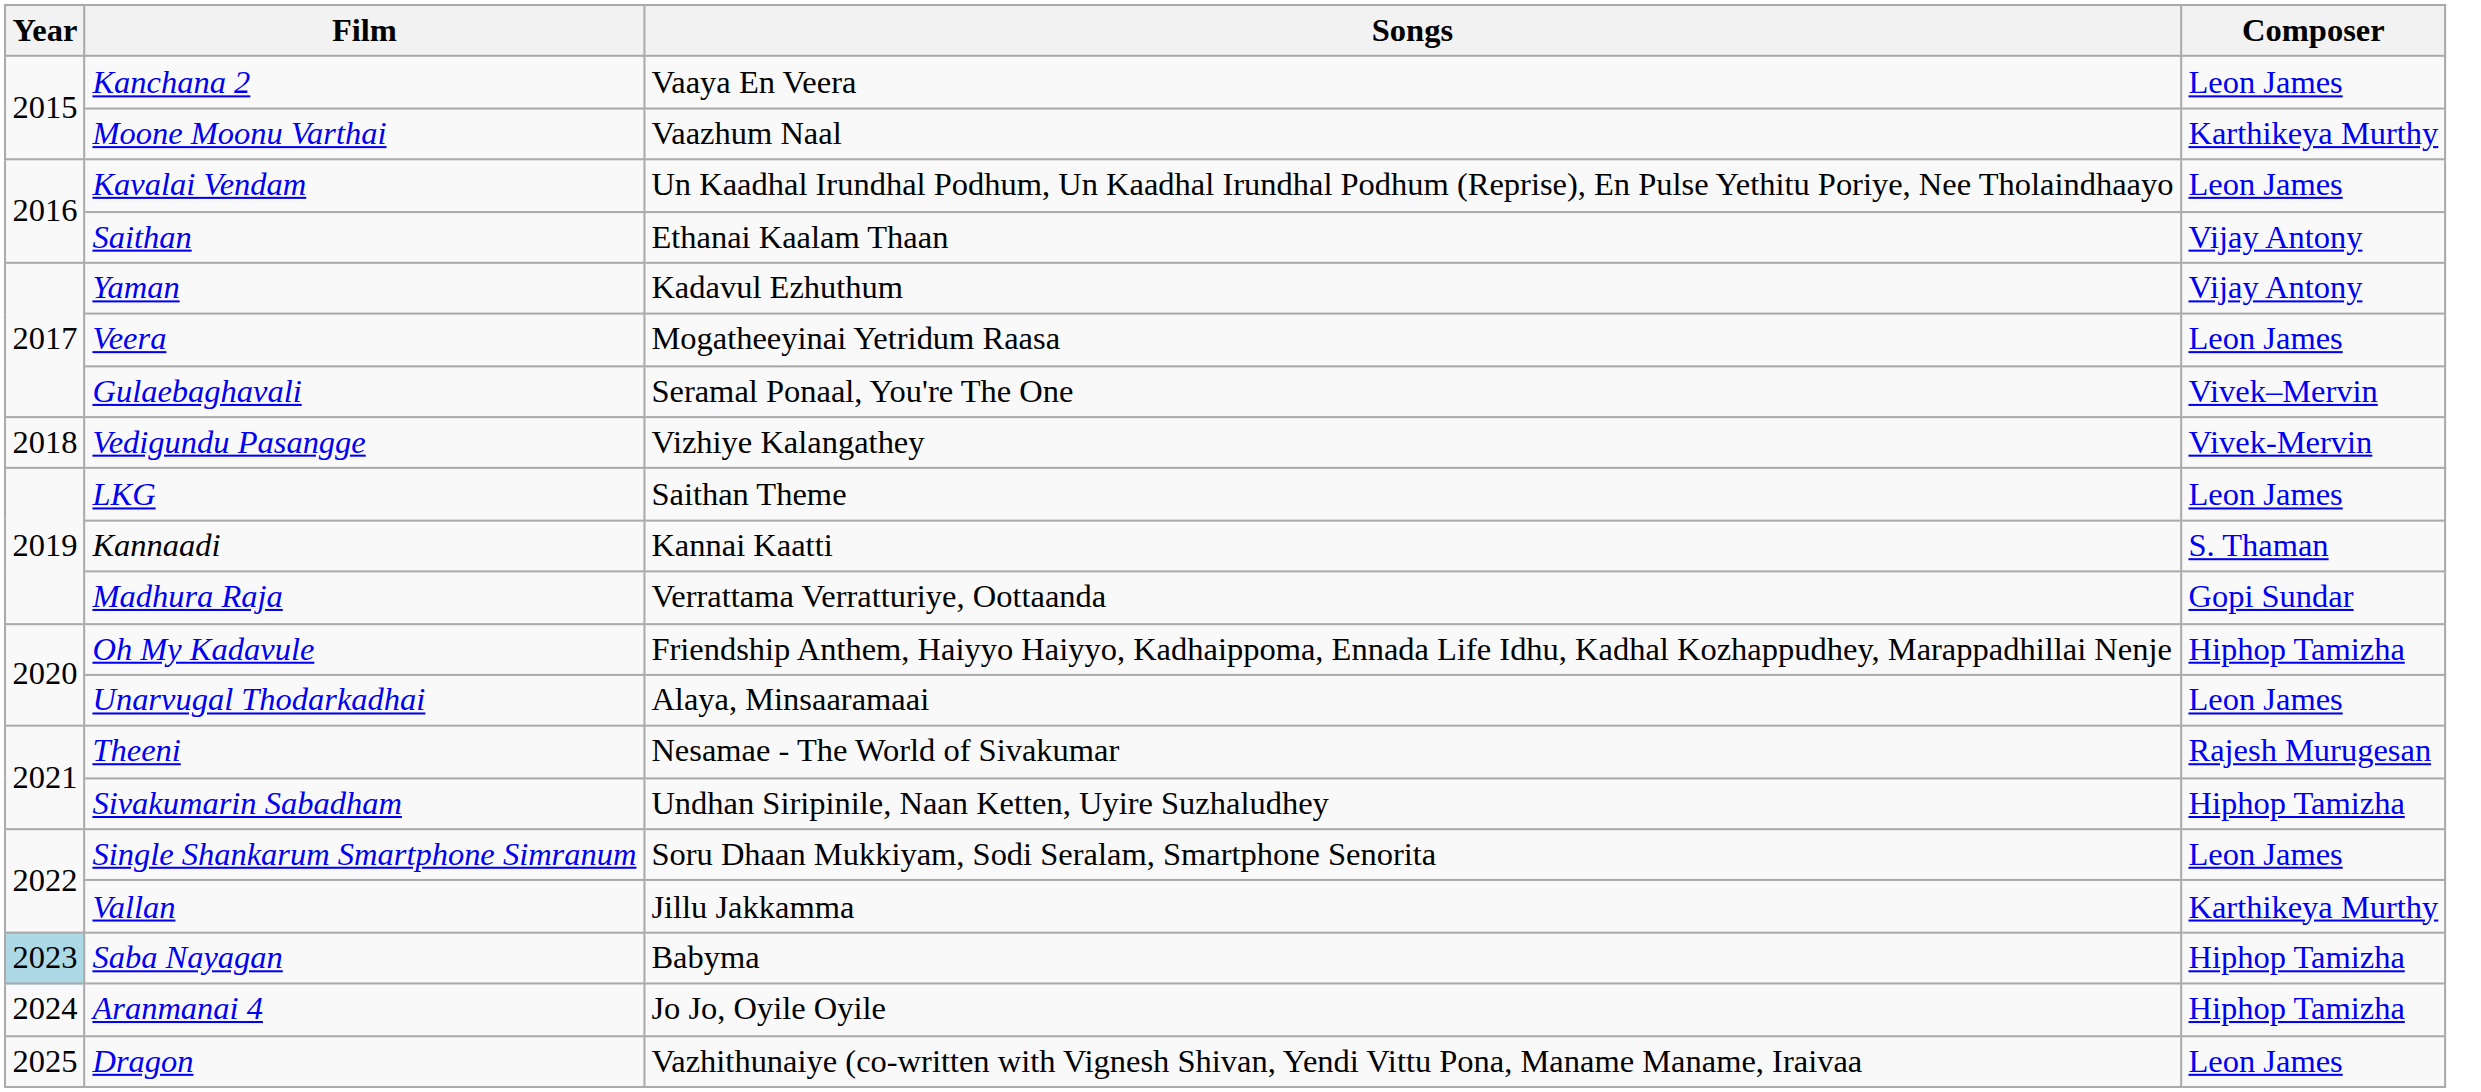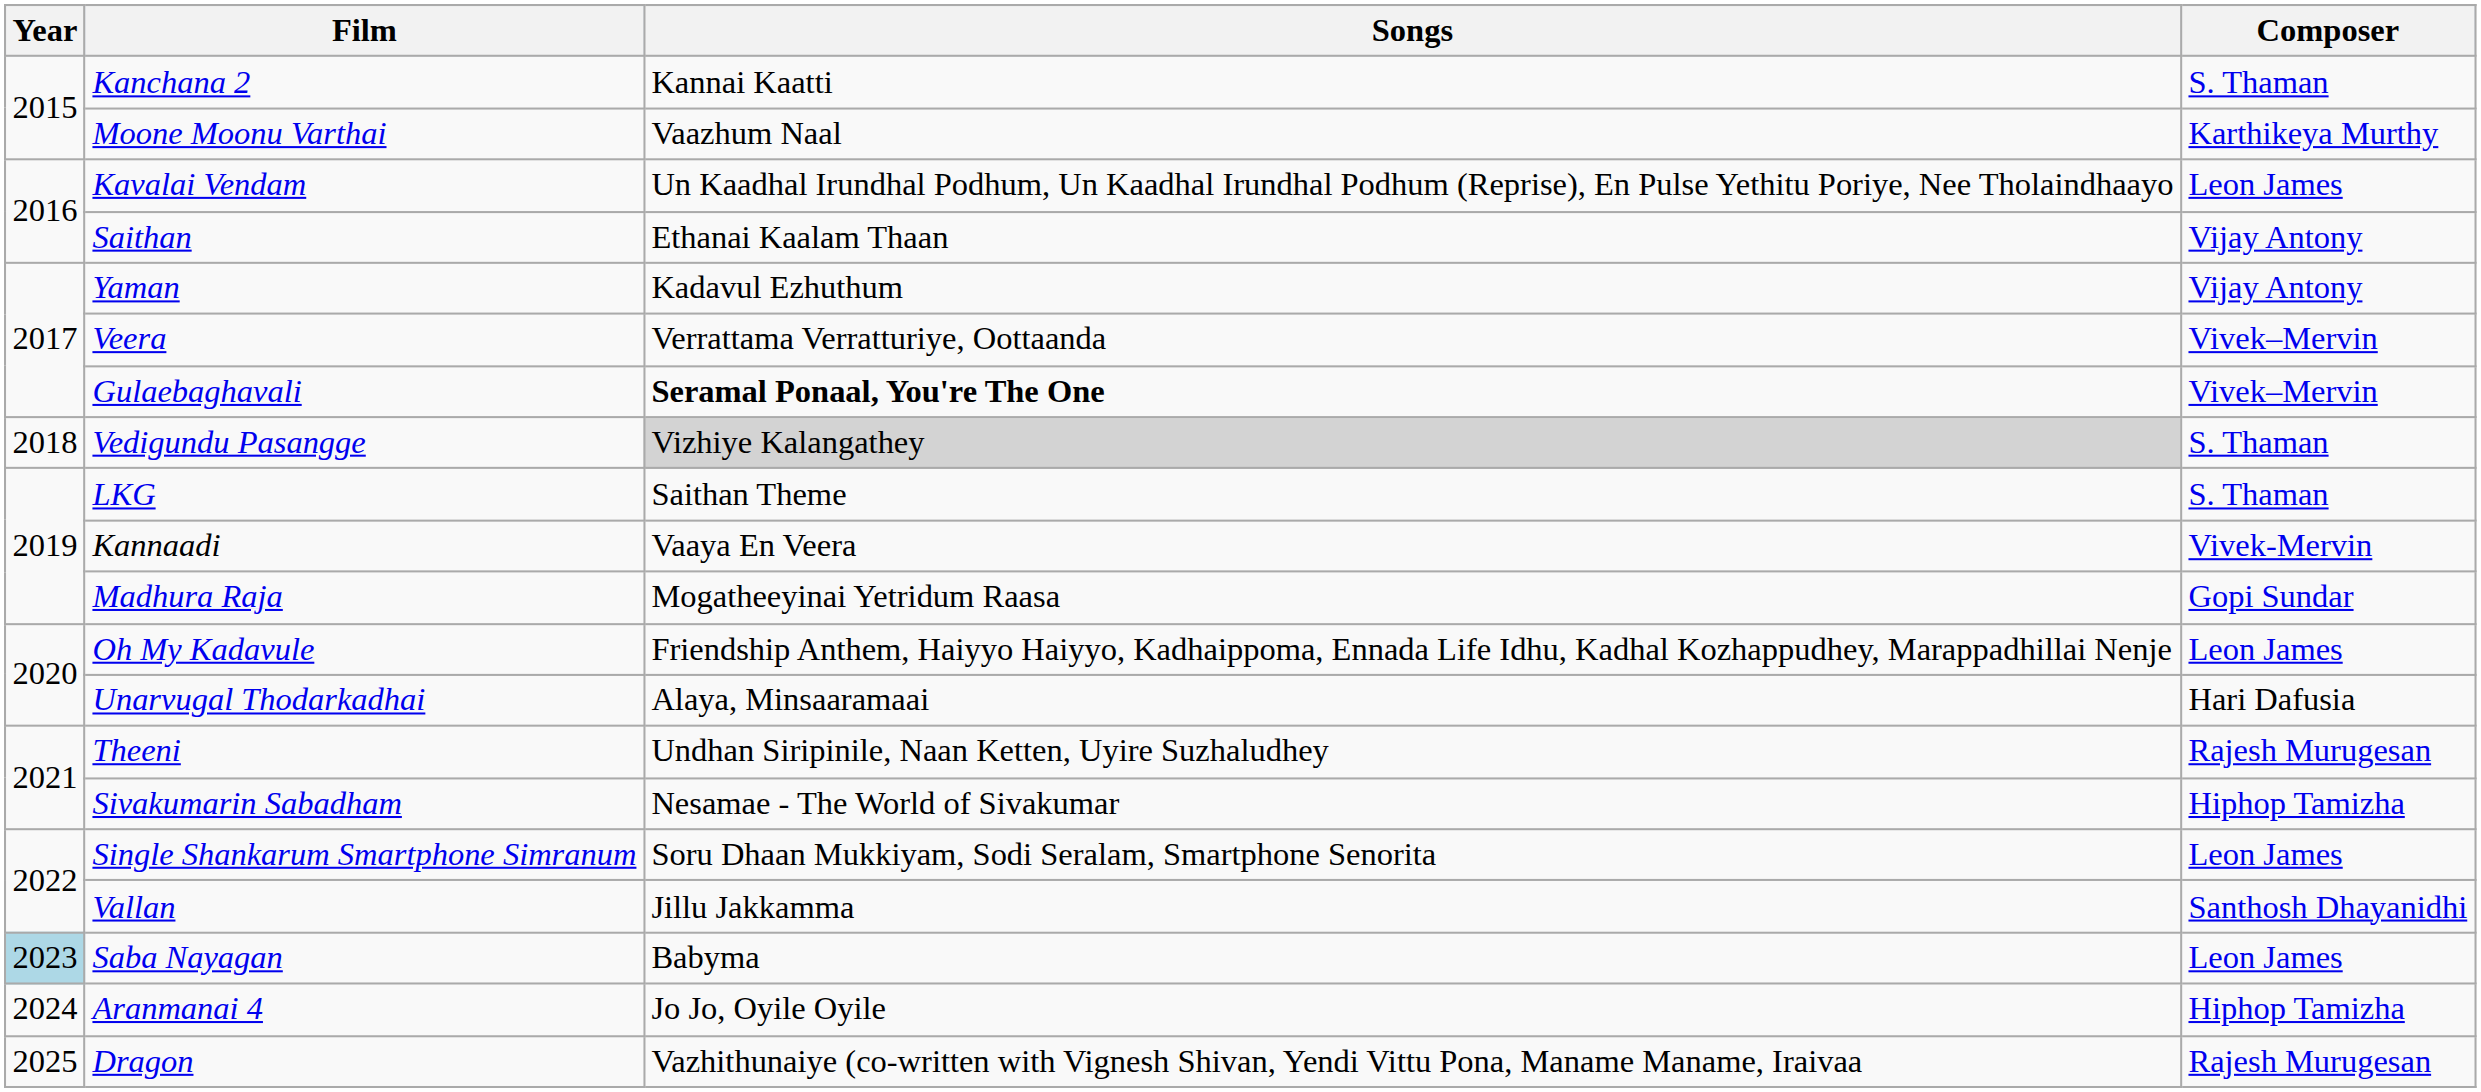 <table class="wikitable">
 <tr style="text-align:center; background:LightSteelBlue; width:60%;">
 <th>Year</th>
 <th>Film</th>
 <th>Songs</th>
 <th>Composer</th>
 </tr>
 <tr>
 <td rowspan="2">2015</td>
 <td><em><a href='#'>Kanchana 2</a></em></td>
-<td>Vaaya En Veera</td>
-<td><a href='#'>Leon James</a></td>
+<td>Kannai Kaatti</td>
+<td><a href='#'>S. Thaman</a></td>
 </tr>
 <tr>
 <td><em><a href='#'>Moone Moonu Varthai</a></em></td>
 <td>Vaazhum Naal</td>
 <td><a href='#'>Karthikeya Murthy</a></td>
 </tr>
 <tr>
 <td rowspan="2">2016</td>
 <td><em><a href='#'>Kavalai Vendam</a></em></td>
 <td>Un Kaadhal Irundhal Podhum, Un Kaadhal Irundhal Podhum (Reprise), En Pulse Yethitu Poriye, Nee Tholaindhaayo</td>
 <td><a href='#'>Leon James</a></td>
 </tr>
 <tr>
 <td><em><a href='#'>Saithan</a></em></td>
 <td>Ethanai Kaalam Thaan</td>
 <td><a href='#'>Vijay Antony</a></td>
 </tr>
 <tr>
 <td rowspan="3">2017</td>
 <td><em><a href='#'>Yaman</a></em></td>
 <td>Kadavul Ezhuthum</td>
 <td><a href='#'>Vijay Antony</a></td>
 </tr>
 <tr>
 <td><em><a href='#'>Veera</a></em></td>
-<td>Mogatheeyinai Yetridum Raasa</td>
-<td><a href='#'>Leon James</a></td>
+<td>Verrattama Verratturiye, Oottaanda</td>
+<td><a href='#'>Vivek–Mervin</a></td>
 </tr>
 <tr>
 <td><em><a href='#'>Gulaebaghavali</a></em></td>
-<td>Seramal Ponaal, You're The One</td>
+<td><strong>Seramal Ponaal, You're The One</strong></td>
 <td><a href='#'>Vivek–Mervin</a></td>
 </tr>
 <tr>
 <td rowspan="1">2018</td>
 <td><em><a href='#'>Vedigundu Pasangge</a></em></td>
-<td>Vizhiye Kalangathey</td>
-<td><a href='#'>Vivek-Mervin</a></td>
+<td style="background: lightgrey;">Vizhiye Kalangathey</td>
+<td><a href='#'>S. Thaman</a></td>
 </tr>
 <tr>
 <td rowspan="3">2019</td>
 <td><em><a href='#'>LKG</a></em></td>
 <td>Saithan Theme</td>
-<td><a href='#'>Leon James</a></td>
+<td><a href='#'>S. Thaman</a></td>
 </tr>
 <tr>
 <td><em>Kannaadi</em></td>
-<td>Kannai Kaatti</td>
-<td><a href='#'>S. Thaman</a></td>
+<td>Vaaya En Veera</td>
+<td><a href='#'>Vivek-Mervin</a></td>
 </tr>
 <tr>
 <td><em><a href='#'>Madhura Raja</a></em></td>
-<td>Verrattama Verratturiye, Oottaanda</td>
+<td>Mogatheeyinai Yetridum Raasa</td>
 <td><a href='#'>Gopi Sundar</a></td>
 </tr>
 <tr>
 <td rowspan="2">2020</td>
 <td><em><a href='#'>Oh My Kadavule</a></em></td>
 <td>Friendship Anthem, Haiyyo Haiyyo, Kadhaippoma, Ennada Life Idhu, Kadhal Kozhappudhey, Marappadhillai Nenje</td>
-<td><a href='#'>Hiphop Tamizha</a></td>
+<td><a href='#'>Leon James</a></td>
 </tr>
 <tr>
 <td><em><a href='#'>Unarvugal Thodarkadhai</a></em></td>
 <td>Alaya, Minsaaramaai</td>
-<td><a href='#'>Leon James</a></td>
+<td>Hari Dafusia</td>
 </tr>
 <tr>
 <td rowspan="2">2021</td>
 <td><em><a href='#'>Theeni</a></em></td>
-<td>Nesamae - The World of Sivakumar</td>
+<td>Undhan Siripinile, Naan Ketten, Uyire Suzhaludhey</td>
 <td><a href='#'>Rajesh Murugesan</a></td>
 </tr>
 <tr>
 <td><em><a href='#'>Sivakumarin Sabadham</a></em></td>
-<td>Undhan Siripinile, Naan Ketten, Uyire Suzhaludhey</td>
+<td>Nesamae - The World of Sivakumar</td>
 <td><a href='#'>Hiphop Tamizha</a></td>
 </tr>
 <tr>
 <td rowspan="2”">2022</td>
 <td><em><a href='#'>Single Shankarum Smartphone Simranum</a></em></td>
 <td>Soru Dhaan Mukkiyam, Sodi Seralam, Smartphone Senorita</td>
 <td><a href='#'>Leon James</a></td>
 </tr>
 <tr>
 <td><em><a href='#'>Vallan</a></em></td>
 <td>Jillu Jakkamma</td>
-<td><a href='#'>Karthikeya Murthy</a></td>
+<td><a href='#'>Santhosh Dhayanidhi</a></td>
 </tr>
 <tr>
 <td rowspan="1" style="background: lightblue;">2023</td>
 <td><em><a href='#'>Saba Nayagan</a></em></td>
 <td>Babyma</td>
-<td><a href='#'>Hiphop Tamizha</a></td>
+<td><a href='#'>Leon James</a></td>
 </tr>
 <tr>
 <td>2024</td>
 <td><em><a href='#'>Aranmanai 4</a></em></td>
 <td>Jo Jo, Oyile Oyile</td>
 <td><a href='#'>Hiphop Tamizha</a></td>
 </tr>
 <tr>
 <td>2025</td>
 <td><em><a href='#'>Dragon</a></em></td>
 <td>Vazhithunaiye (co-written with Vignesh Shivan, Yendi Vittu Pona, Maname Maname, Iraivaa</td>
-<td><a href='#'>Leon James</a></td>
+<td><a href='#'>Rajesh Murugesan</a></td>
 </tr>
 </table>
